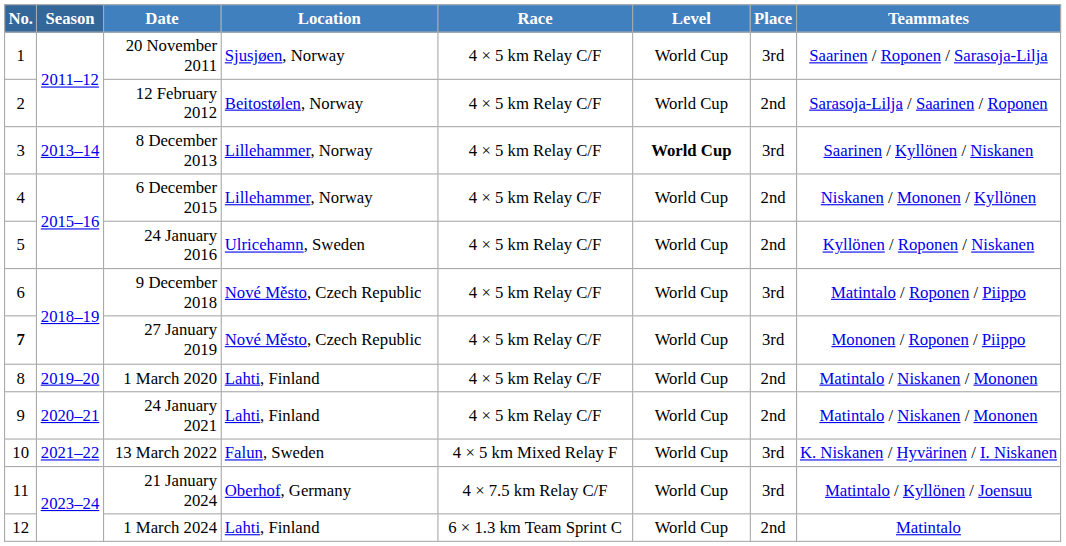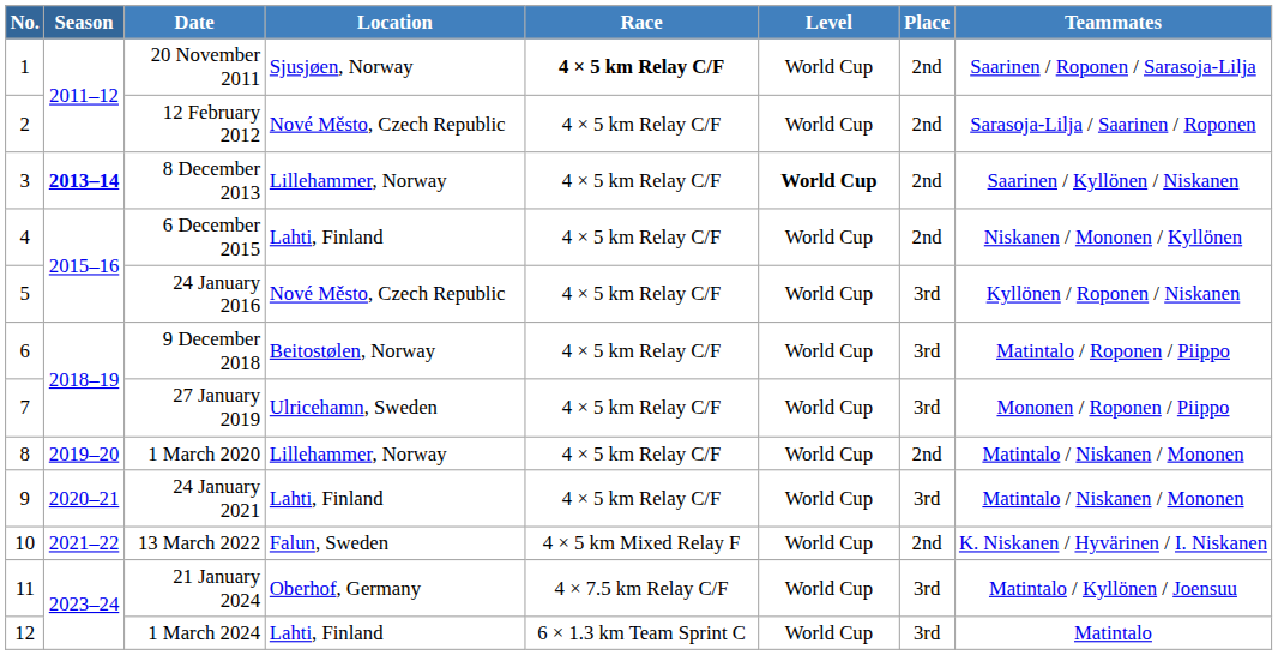 <table class="wikitable sortable" style="font-size:95%; text-align:center; border:grey solid 1px; border-collapse:collapse; background:#ffffff;">
 <tr style="background:#efefef;">
 <th style="background-color:#369; color:white;">No.</th>
 <th style="background-color:#369; color:white;">Season</th>
 <th style="background-color:#4180be; color:white; width:100px;">Date</th>
 <th style="background-color:#4180be; color:white; width:190px;">Location</th>
 <th style="background-color:#4180be; color:white; width:170px;">Race</th>
 <th style="background-color:#4180be; color:white; width:100px;">Level</th>
 <th style="background-color:#4180be; color:white;">Place</th>
 <th style="background-color:#4180be; color:white;">Teammates</th>
 </tr>
 <tr>
 <td align=center>1</td>
 <td rowspan="2" align=center><a href='#'>2011–12</a></td>
 <td align=right>20 November 2011</td>
 <td align=left> <a href='#'>Sjusjøen</a>, Norway</td>
-<td>4 × 5 km Relay C/F</td>
+<td><strong>4 × 5 km Relay C/F</strong></td>
 <td> World Cup </td>
-<td>3rd</td>
+<td>2nd</td>
 <td> <a href='#'>Saarinen</a> / <a href='#'>Roponen</a> / <a href='#'>Sarasoja-Lilja</a> </td>
 </tr>
 <tr>
 <td align=center>2</td>
 <td align=right>12 February 2012</td>
-<td align=left> <a href='#'>Beitostølen</a>, Norway</td>
+<td align=left> <a href='#'>Nové Město</a>, Czech Republic</td>
 <td>4 × 5 km Relay C/F</td>
 <td> World Cup </td>
 <td>2nd</td>
 <td><a href='#'>Sarasoja-Lilja</a> / <a href='#'>Saarinen</a> / <a href='#'>Roponen</a></td>
 </tr>
 <tr>
 <td align=center>3</td>
-<td align=center><a href='#'>2013–14</a></td>
+<td align=center><strong><a href='#'>2013–14</a></strong></td>
 <td align=right>8 December 2013</td>
 <td align=left> <a href='#'>Lillehammer</a>, Norway</td>
 <td>4 × 5 km Relay C/F</td>
 <td><strong> World Cup </strong></td>
-<td>3rd</td>
+<td>2nd</td>
 <td><a href='#'>Saarinen</a> / <a href='#'>Kyllönen</a> / <a href='#'>Niskanen</a></td>
 </tr>
 <tr>
 <td align=center>4</td>
 <td rowspan="2" align=center><a href='#'>2015–16</a></td>
 <td align=right>6 December 2015</td>
-<td align=left> <a href='#'>Lillehammer</a>, Norway</td>
+<td align=left> <a href='#'>Lahti</a>, Finland</td>
 <td>4 × 5 km Relay C/F</td>
 <td> World Cup </td>
 <td>2nd</td>
 <td><a href='#'>Niskanen</a> / <a href='#'>Mononen</a> / <a href='#'>Kyllönen</a></td>
 </tr>
 <tr>
 <td align=center>5</td>
 <td align=right>24 January 2016</td>
-<td align=left> <a href='#'>Ulricehamn</a>, Sweden</td>
+<td align=left> <a href='#'>Nové Město</a>, Czech Republic</td>
 <td>4 × 5 km Relay C/F</td>
 <td> World Cup </td>
-<td>2nd</td>
+<td>3rd</td>
 <td><a href='#'>Kyllönen</a> / <a href='#'>Roponen</a>  / <a href='#'>Niskanen</a></td>
 </tr>
 <tr>
 <td align=center>6</td>
 <td rowspan=2 align=center><a href='#'>2018–19</a></td>
 <td align=right>9 December 2018</td>
-<td align=left> <a href='#'>Nové Město</a>, Czech Republic</td>
+<td align=left> <a href='#'>Beitostølen</a>, Norway</td>
 <td>4 × 5 km Relay C/F</td>
 <td>World Cup</td>
 <td>3rd</td>
 <td><a href='#'>Matintalo</a> / <a href='#'>Roponen</a> / <a href='#'>Piippo</a></td>
 </tr>
 <tr>
-<td align=center><strong>7</strong></td>
+<td align=center>7</td>
 <td align=right>27 January 2019</td>
-<td align=left> <a href='#'>Nové Město</a>, Czech Republic</td>
+<td align=left> <a href='#'>Ulricehamn</a>, Sweden</td>
 <td>4 × 5 km Relay C/F</td>
 <td> World Cup </td>
 <td>3rd</td>
 <td><a href='#'>Mononen</a> / <a href='#'>Roponen</a> / <a href='#'>Piippo</a></td>
 </tr>
 <tr>
 <td align=center>8</td>
 <td align=center><a href='#'>2019–20</a></td>
 <td align=right>1 March 2020</td>
-<td align=left> <a href='#'>Lahti</a>, Finland</td>
+<td align=left> <a href='#'>Lillehammer</a>, Norway</td>
 <td>4 × 5 km Relay C/F</td>
 <td>World Cup</td>
 <td>2nd</td>
 <td><a href='#'>Matintalo</a> / <a href='#'>Niskanen</a> / <a href='#'>Mononen</a></td>
 </tr>
 <tr>
 <td align=center>9</td>
 <td align=center><a href='#'>2020–21</a></td>
 <td align=right>24 January 2021</td>
 <td align=left> <a href='#'>Lahti</a>, Finland</td>
 <td>4 × 5 km Relay C/F</td>
 <td>World Cup</td>
-<td>2nd</td>
+<td>3rd</td>
 <td><a href='#'>Matintalo</a> / <a href='#'>Niskanen</a> / <a href='#'>Mononen</a></td>
 </tr>
 <tr>
 <td align=center>10</td>
 <td align=center><a href='#'>2021–22</a></td>
 <td align=right>13 March 2022</td>
 <td align=left> <a href='#'>Falun</a>, Sweden</td>
 <td>4 × 5 km Mixed Relay F</td>
 <td>World Cup</td>
-<td>3rd</td>
+<td>2nd</td>
 <td><a href='#'>K. Niskanen</a> / <a href='#'>Hyvärinen</a> / <a href='#'>I. Niskanen</a></td>
 </tr>
 <tr>
 <td align=center>11</td>
 <td rowspan=2 align=center><a href='#'>2023–24</a></td>
 <td align=right>21 January 2024</td>
 <td align=left> <a href='#'>Oberhof</a>, Germany</td>
 <td>4 × 7.5 km Relay C/F</td>
 <td>World Cup</td>
 <td>3rd</td>
 <td><a href='#'>Matintalo</a> / <a href='#'>Kyllönen</a> / <a href='#'>Joensuu</a></td>
 </tr>
 <tr>
 <td align=center>12</td>
 <td align=right>1 March 2024</td>
 <td align=left> <a href='#'>Lahti</a>, Finland</td>
 <td>6 × 1.3 km Team Sprint C</td>
 <td>World Cup</td>
-<td>2nd</td>
+<td>3rd</td>
 <td><a href='#'>Matintalo</a></td>
 </tr>
 </table>
